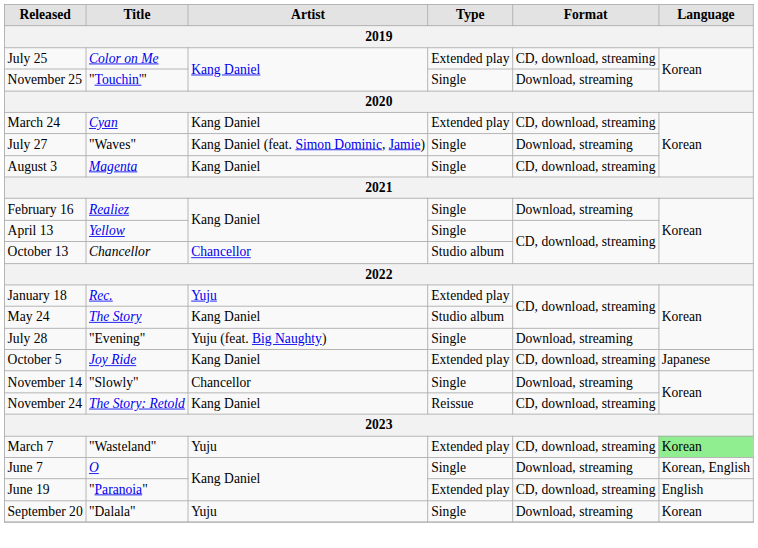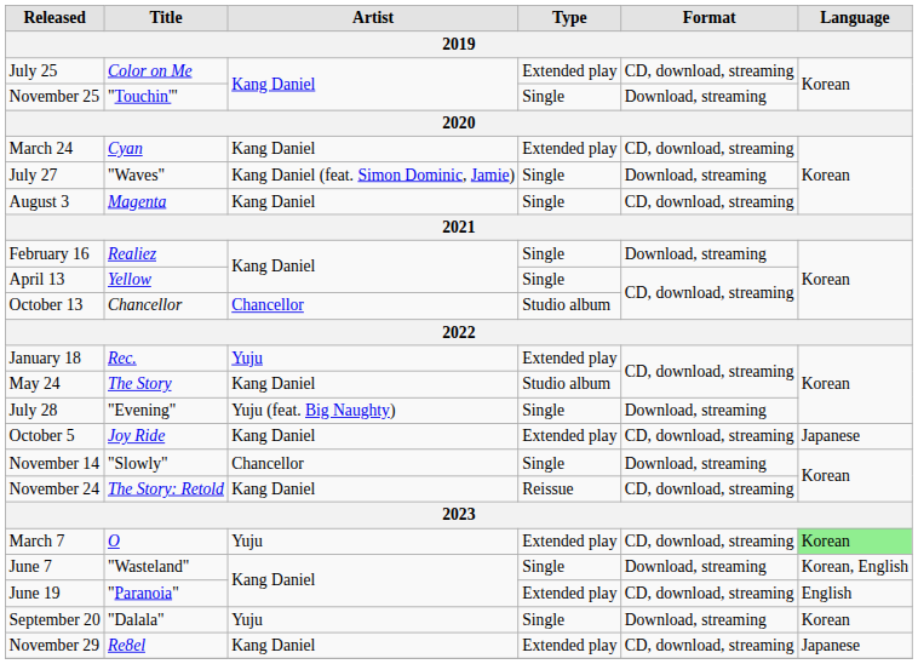 <table class="wikitable sortable" align="left center">
 <tr>
 <th style="background:#e3e3e3;">Released</th>
 <th style="background:#e3e3e3;">Title</th>
 <th style="background:#e3e3e3;">Artist</th>
 <th style="background:#e3e3e3;">Type</th>
 <th style="background:#e3e3e3;">Format</th>
 <th style="background:#e3e3e3;">Language</th>
 </tr>
 <tr>
 <th colspan="6">2019</th>
 </tr>
 <tr>
 <td>July 25</td>
 <td><em><a href='#'>Color on Me</a></em></td>
 <td rowspan="2"><a href='#'>Kang Daniel</a></td>
 <td>Extended play</td>
 <td>CD, download, streaming</td>
 <td rowspan="2">Korean</td>
 </tr>
 <tr>
 <td>November 25</td>
 <td>"<a href='#'>Touchin'</a>"</td>
 <td>Single</td>
 <td>Download, streaming</td>
 </tr>
 <tr>
 <th colspan="6">2020</th>
 </tr>
 <tr>
 <td>March 24</td>
 <td><em><a href='#'>Cyan</a></em></td>
 <td>Kang Daniel</td>
 <td>Extended play</td>
 <td>CD, download, streaming</td>
 <td rowspan="3">Korean</td>
 </tr>
 <tr>
 <td>July 27</td>
 <td>"Waves"</td>
 <td>Kang Daniel (feat. <a href='#'>Simon Dominic</a>, <a href='#'>Jamie</a>)</td>
 <td>Single</td>
 <td>Download, streaming</td>
 </tr>
 <tr>
 <td>August 3</td>
 <td><em><a href='#'>Magenta</a></em></td>
 <td>Kang Daniel</td>
 <td>Single</td>
 <td>CD, download, streaming</td>
 </tr>
 <tr>
 <th colspan="6">2021</th>
 </tr>
 <tr>
 <td>February 16</td>
 <td><em><a href='#'>Realiez</a></em></td>
 <td rowspan="2">Kang Daniel</td>
 <td>Single</td>
 <td>Download, streaming</td>
 <td rowspan="3">Korean</td>
 </tr>
 <tr>
 <td>April 13</td>
 <td><em><a href='#'>Yellow</a></em></td>
 <td>Single</td>
 <td rowspan="2">CD, download, streaming</td>
 </tr>
 <tr>
 <td>October 13</td>
 <td><em>Chancellor</em></td>
 <td><a href='#'>Chancellor</a></td>
 <td>Studio album</td>
 </tr>
 <tr>
 <th colspan="6">2022</th>
 </tr>
 <tr>
 <td>January 18</td>
 <td><em><a href='#'>Rec.</a></em></td>
 <td><a href='#'>Yuju</a></td>
 <td>Extended play</td>
 <td rowspan="2">CD, download, streaming</td>
 <td rowspan="3">Korean</td>
 </tr>
 <tr>
 <td>May 24</td>
 <td><em><a href='#'>The Story</a></em></td>
 <td>Kang Daniel</td>
 <td>Studio album</td>
 </tr>
 <tr>
 <td>July 28</td>
 <td>"Evening"</td>
 <td>Yuju (feat. <a href='#'>Big Naughty</a>)</td>
 <td>Single</td>
 <td>Download, streaming</td>
 </tr>
 <tr>
 <td>October 5</td>
 <td><em><a href='#'>Joy Ride</a></em></td>
 <td>Kang Daniel</td>
 <td>Extended play</td>
 <td>CD, download, streaming</td>
 <td>Japanese</td>
 </tr>
 <tr>
 <td>November 14</td>
 <td>"Slowly"</td>
 <td>Chancellor</td>
 <td>Single</td>
 <td>Download, streaming</td>
 <td rowspan="2">Korean</td>
 </tr>
 <tr>
 <td>November 24</td>
 <td><em><a href='#'>The Story: Retold</a></em></td>
 <td>Kang Daniel</td>
 <td>Reissue</td>
 <td>CD, download, streaming</td>
 </tr>
 <tr>
 <th colspan="6">2023</th>
 </tr>
 <tr>
 <td>March 7</td>
-<td>"Wasteland"</td>
+<td><em><a href='#'>O</a></em></td>
 <td>Yuju</td>
 <td>Extended play</td>
 <td>CD, download, streaming</td>
 <td style="background: lightgreen;">Korean</td>
 </tr>
 <tr>
 <td>June 7</td>
-<td><em><a href='#'>O</a></em></td>
+<td>"Wasteland"</td>
 <td rowspan="2">Kang Daniel</td>
 <td>Single</td>
 <td>Download, streaming</td>
 <td>Korean, English</td>
 </tr>
 <tr>
 <td>June 19</td>
 <td>"<a href='#'>Paranoia</a>"</td>
 <td>Extended play</td>
 <td>CD, download, streaming</td>
 <td>English</td>
 </tr>
 <tr>
 <td>September 20</td>
 <td>"Dalala"</td>
 <td>Yuju</td>
 <td>Single</td>
 <td>Download, streaming</td>
 <td>Korean</td>
 </tr>
 <tr>
+<td>November 29</td>
+<td><em><a href='#'>Re8el</a></em></td>
+<td>Kang Daniel</td>
+<td>Extended play</td>
+<td>CD, download, streaming</td>
+<td>Japanese</td>
+</tr>
+<tr>
 </tr>
 </table>
